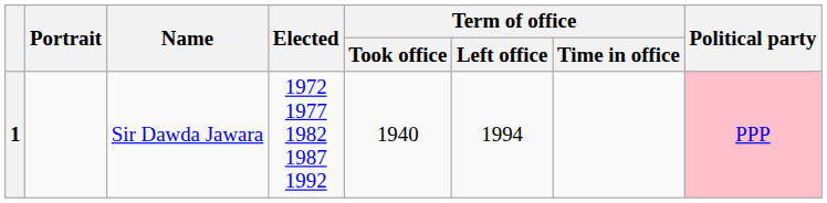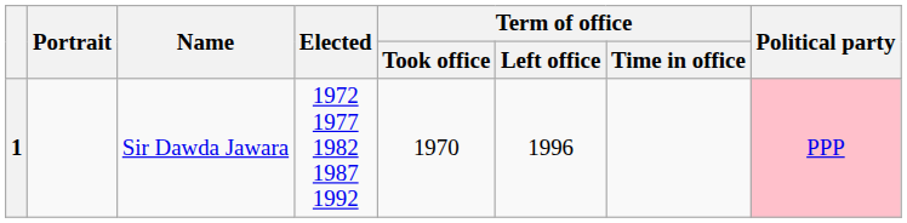 <table class="wikitable" style="text-align:center">
 <tr>
 <th rowspan="2"></th>
 <th rowspan="2">Portrait</th>
 <th rowspan="2">Name<br></th>
 <th rowspan="2">Elected</th>
 <th colspan="3">Term of office</th>
 <th rowspan="2">Political party</th>
 </tr>
 <tr>
 <th>Took office</th>
 <th>Left office</th>
 <th>Time in office</th>
 </tr>
 <tr>
 <th style="background:">1</th>
 <td></td>
 <td><a href='#'>Sir Dawda Jawara</a><br></td>
 <td><a href='#'>1972</a><br><a href='#'>1977</a><br><a href='#'>1982</a><br><a href='#'>1987</a><br><a href='#'>1992</a></td>
-<td> 1940</td>
-<td> 1994<br></td>
+<td> 1970</td>
+<td> 1996<br></td>
 <td></td>
 <td style="background: pink;"><a href='#'>PPP</a></td>
 </tr>
 </table>
